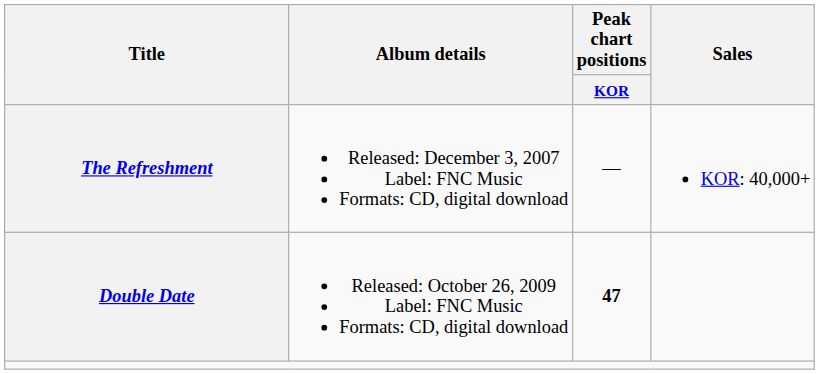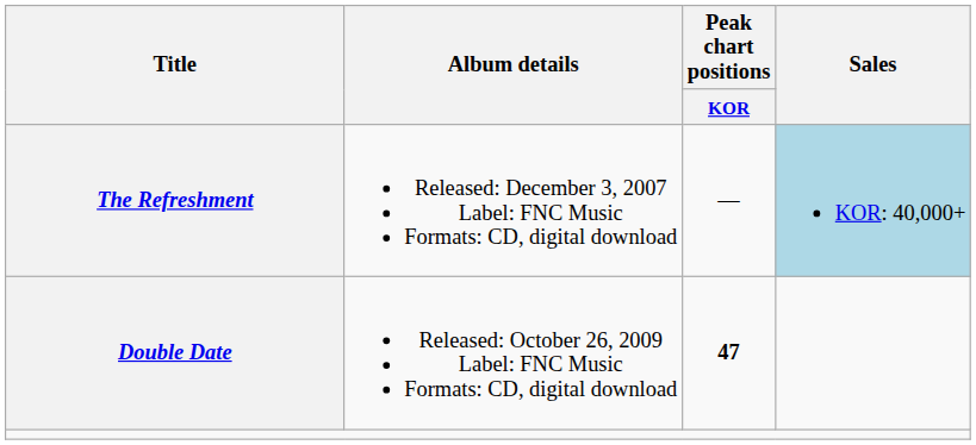 <table class="wikitable plainrowheaders" style="text-align:center;">
 <tr>
 <th rowspan="2" style="width:15em;">Title</th>
 <th rowspan="2">Album details</th>
 <th colspan="1">Peak chart positions</th>
 <th rowspan=2>Sales</th>
 </tr>
 <tr>
 <th width="30"><small><a href='#'>KOR</a></small><br></th>
 </tr>
 <tr>
 <th scope="row"><em><a href='#'>The Refreshment</a></em></th>
 <td><br><ul><li>Released: December 3, 2007</li><li>Label: FNC Music</li><li>Formats: CD, digital download</li></ul></td>
 <td>—</td>
-<td><br><ul><li><a href='#'>KOR</a>: 40,000+</li></ul></td>
+<td style="background: lightblue;"><br><ul><li><a href='#'>KOR</a>: 40,000+</li></ul></td>
 </tr>
 <tr>
 <th scope="row"><em><a href='#'>Double Date</a></em></th>
 <td><br><ul><li>Released: October 26, 2009</li><li>Label: FNC Music</li><li>Formats: CD, digital download</li></ul></td>
 <td><strong>47</strong></td>
 <td></td>
 </tr>
 <tr>
 <td colspan="5"></td>
 </tr>
 </table>
